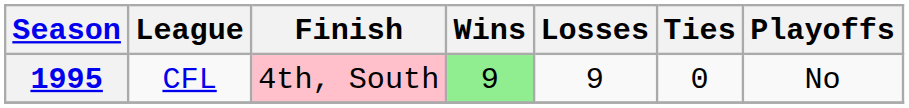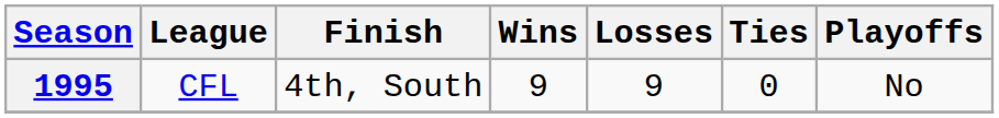 <table class="wikitable" style="text-align:center">
 <tr>
 <th><a href='#'>Season</a></th>
 <th>League</th>
 <th>Finish</th>
 <th>Wins</th>
 <th>Losses</th>
 <th>Ties</th>
 <th>Playoffs</th>
 </tr>
 <tr>
 <th><a href='#'>1995</a></th>
 <td><a href='#'>CFL</a></td>
-<td style="background: pink;">4th, South</td>
-<td style="background: lightgreen;">9</td>
+<td>4th, South</td>
+<td>9</td>
 <td>9</td>
 <td>0</td>
 <td>No</td>
 </tr>
 <tr>
 </tr>
 </table>
